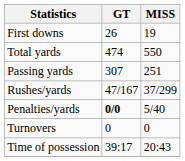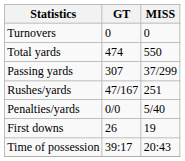 <table class="wikitable" style="float: left;">
 <tr>
 <th>Statistics</th>
 <th>GT</th>
 <th>MISS</th>
 </tr>
 <tr>
-<td>First downs</td>
-<td>26</td>
-<td>19</td>
+<td>Turnovers</td>
+<td>0</td>
+<td>0</td>
 </tr>
 <tr>
 <td>Total yards</td>
 <td>474</td>
 <td>550</td>
 </tr>
 <tr>
 <td>Passing yards</td>
 <td>307</td>
-<td>251</td>
+<td>37/299</td>
 </tr>
 <tr>
 <td>Rushes/yards</td>
 <td>47/167</td>
-<td>37/299</td>
+<td>251</td>
 </tr>
 <tr>
 <td>Penalties/yards</td>
-<td><strong>0/0</strong></td>
+<td>0/0</td>
 <td>5/40</td>
 </tr>
 <tr>
-<td>Turnovers</td>
-<td>0</td>
-<td>0</td>
+<td>First downs</td>
+<td>26</td>
+<td>19</td>
 </tr>
 <tr>
 <td>Time of possession</td>
 <td>39:17</td>
 <td>20:43</td>
 </tr>
 <tr>
 </tr>
 </table>
